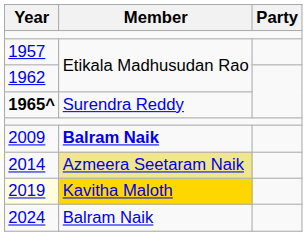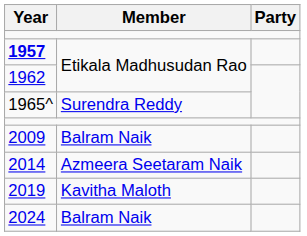 <table class="wikitable sortable">
 <tr>
 <th>Year</th>
 <th>Member</th>
 <th colspan="2">Party</th>
 </tr>
 <tr>
 <td colspan="4"></td>
 </tr>
 <tr>
-<td><a href='#'>1957</a></td>
+<td><strong><a href='#'>1957</a></strong></td>
 <td rowspan="2">Etikala Madhusudan Rao</td>
 <td></td>
 </tr>
 <tr>
 <td><a href='#'>1962</a></td>
 </tr>
 <tr>
-<td><strong>1965^</strong></td>
+<td>1965^</td>
 <td><a href='#'>Surendra Reddy</a></td>
 </tr>
 <tr>
 <td colspan="4"></td>
 </tr>
 <tr>
 <td><a href='#'>2009</a></td>
-<td><strong><a href='#'>Balram Naik</a></strong></td>
+<td><a href='#'>Balram Naik</a></td>
 <td></td>
 </tr>
 <tr>
 <td><a href='#'>2014</a></td>
-<td style="background: khaki;"><a href='#'>Azmeera Seetaram Naik</a></td>
+<td><a href='#'>Azmeera Seetaram Naik</a></td>
 <td></td>
 </tr>
 <tr>
-<td style="background: lightyellow;"><a href='#'>2019</a></td>
-<td style="background: gold;"><a href='#'>Kavitha Maloth</a></td>
+<td><a href='#'>2019</a></td>
+<td><a href='#'>Kavitha Maloth</a></td>
 </tr>
 <tr>
 <td><a href='#'>2024</a></td>
 <td><a href='#'>Balram Naik</a></td>
 <td></td>
 </tr>
 </table>
